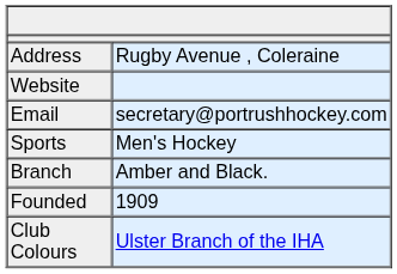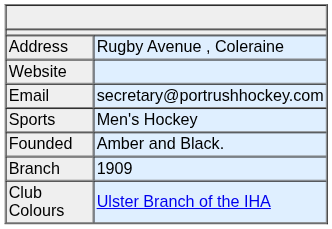 <table border="1" cellpadding="2" cellspacing="0" align="right" width="320px">
 <tr ---->
 <td bgcolor="#efefef" align="center" colspan="2"><br><em></em></td>
 </tr>
 <tr ---->
 <td bgcolor="#efefef" align="center" colspan="2"></td>
 </tr>
 <tr ---->
 <td bgcolor="#efefef">Address</td>
 <td bgcolor="#dfefff">Rugby Avenue , Coleraine</td>
 </tr>
 <tr ---->
 <td bgcolor="#efefef">Website</td>
 <td bgcolor="#dfefff"></td>
 </tr>
 <tr ---->
 <td bgcolor="#efefef">Email</td>
 <td bgcolor="#dfefff">secretary@portrushhockey.com</td>
 </tr>
 <tr ---->
 </tr>
 <tr ---->
 <td bgcolor="#efefef">Sports</td>
 <td bgcolor="#dfefff">Men's Hockey</td>
 </tr>
 <tr ---->
-<td bgcolor="#efefef">Branch</td>
+<td bgcolor="#efefef">Founded</td>
 <td bgcolor="#dfefff">Amber and Black.</td>
 </tr>
 <tr ---->
-<td bgcolor="#efefef">Founded</td>
+<td bgcolor="#efefef">Branch</td>
 <td bgcolor="#dfefff">1909</td>
 </tr>
 <tr ---->
 <td bgcolor="#efefef">Club Colours</td>
 <td bgcolor="#dfefff"><a href='#'>Ulster Branch of the IHA</a></td>
 </tr>
 </table>
